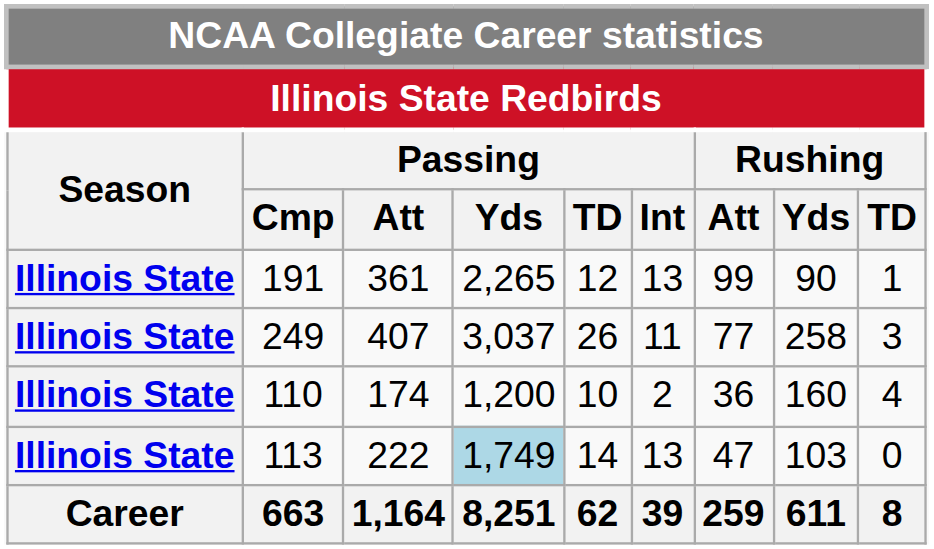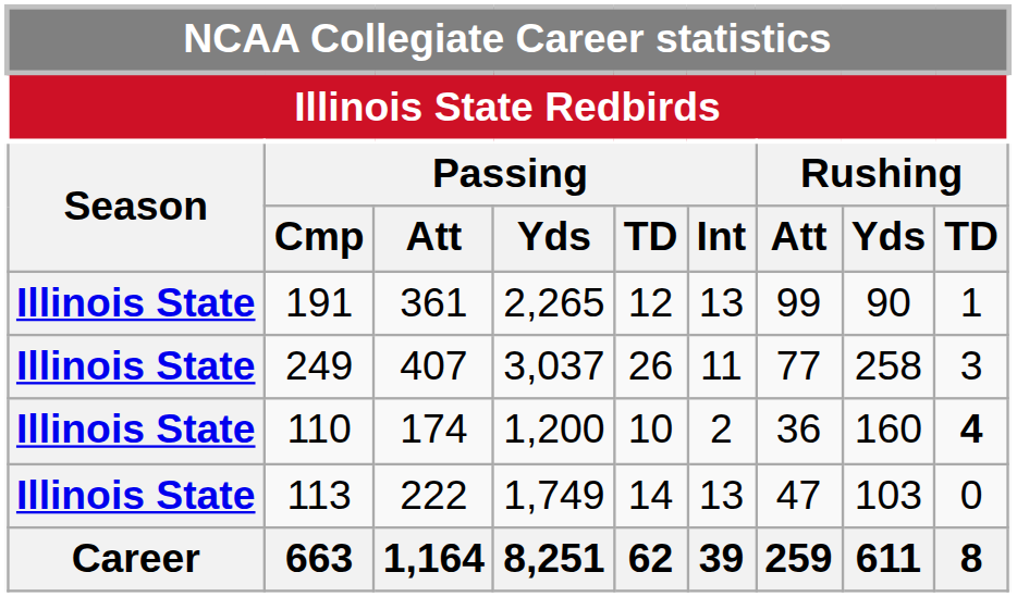 <table class=wikitable style="text-align:center;">
 <tr>
 <th colspan="12" style="background:gray; border:2px solid silver; color:white;">NCAA Collegiate Career statistics</th>
 </tr>
 <tr>
 <th colspan="12" style="background: #CE1126; border: 2px solid white; color:white;">Illinois State Redbirds</th>
 </tr>
 <tr>
 <th rowspan="2">Season</th>
 <th colspan="5">Passing</th>
 <th colspan="5">Rushing</th>
 </tr>
 <tr>
 <th>Cmp</th>
 <th>Att</th>
 <th>Yds</th>
 <th>TD</th>
 <th>Int</th>
 <th>Att</th>
 <th>Yds</th>
 <th>TD</th>
 </tr>
 <tr>
 <th><a href='#'>Illinois State</a></th>
 <td>191</td>
 <td>361</td>
 <td>2,265</td>
 <td>12</td>
 <td>13</td>
 <td>99</td>
 <td>90</td>
 <td>1</td>
 </tr>
 <tr>
 <th><a href='#'>Illinois State</a></th>
 <td>249</td>
 <td>407</td>
 <td>3,037</td>
 <td>26</td>
 <td>11</td>
 <td>77</td>
 <td>258</td>
 <td>3</td>
 </tr>
 <tr>
 <th><a href='#'>Illinois State</a></th>
 <td>110</td>
 <td>174</td>
 <td>1,200</td>
 <td>10</td>
 <td>2</td>
 <td>36</td>
 <td>160</td>
-<td>4</td>
+<td><strong>4</strong></td>
 </tr>
 <tr>
 <th><a href='#'>Illinois State</a></th>
 <td>113</td>
 <td>222</td>
-<td style="background: lightblue;">1,749</td>
+<td>1,749</td>
 <td>14</td>
 <td>13</td>
 <td>47</td>
 <td>103</td>
 <td>0</td>
 </tr>
 <tr>
 <th>Career</th>
 <th>663</th>
 <th>1,164</th>
 <th>8,251</th>
 <th>62</th>
 <th>39</th>
 <th>259</th>
 <th>611</th>
 <th>8</th>
 </tr>
 </table>
